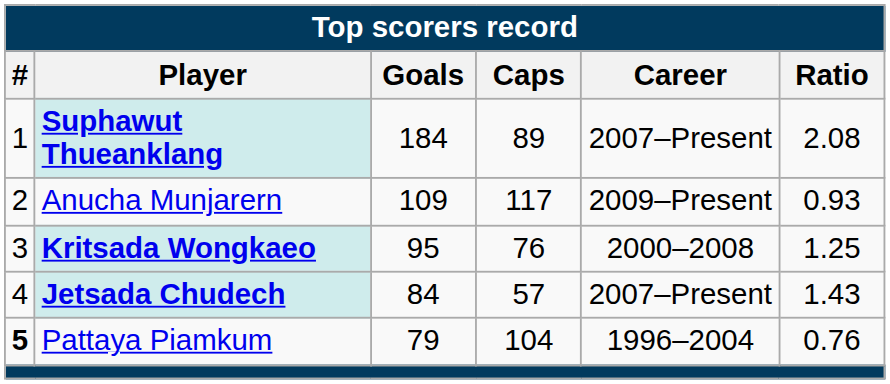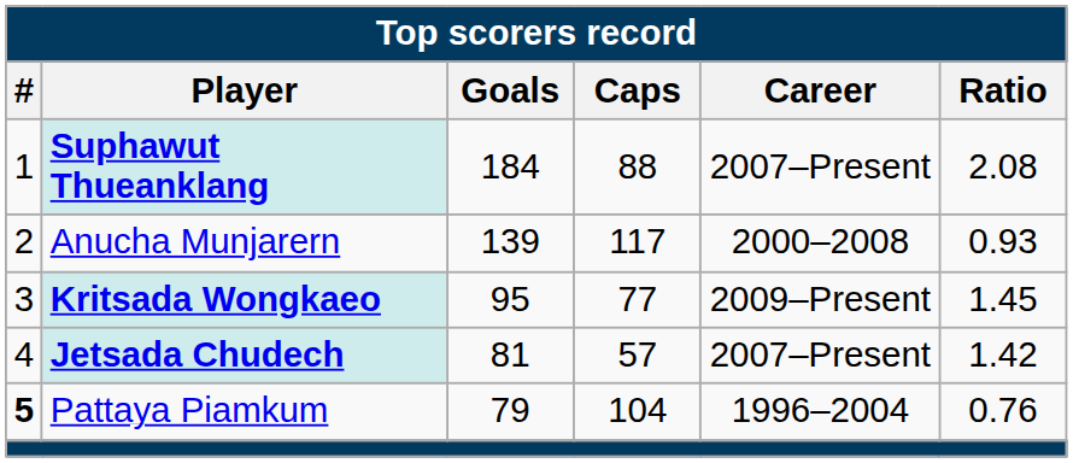 <table class="wikitable" style="text-align: center;">
 <tr>
 <th colspan=6 style="background: #013A5E; color: #FFFFFF;">Top scorers record</th>
 </tr>
 <tr>
 <th>#</th>
 <th width=175px>Player</th>
 <th width=50px>Goals</th>
 <th width=50px>Caps</th>
 <th width=100px>Career</th>
 <th width=50px>Ratio</th>
 </tr>
 <tr>
 <td>1</td>
 <td style="text-align: left; background: #CFECEC;"><strong><a href='#'>Suphawut Thueanklang</a></strong></td>
 <td>184</td>
-<td>89</td>
+<td>88</td>
 <td>2007–Present</td>
 <td>2.08</td>
 </tr>
 <tr>
 <td>2</td>
 <td style="text-align: left;"><a href='#'>Anucha Munjarern</a></td>
-<td>109</td>
+<td>139</td>
 <td>117</td>
-<td>2009–Present</td>
+<td>2000–2008</td>
 <td>0.93</td>
 </tr>
 <tr>
 <td>3</td>
 <td style="text-align: left; background: #CFECEC;"><strong><a href='#'>Kritsada Wongkaeo</a></strong></td>
 <td>95</td>
-<td>76</td>
-<td>2000–2008</td>
-<td>1.25</td>
+<td>77</td>
+<td>2009–Present</td>
+<td>1.45</td>
 </tr>
 <tr>
 <td>4</td>
 <td style="text-align: left; background: #CFECEC;"><strong><a href='#'>Jetsada Chudech</a></strong></td>
-<td>84</td>
+<td>81</td>
 <td>57</td>
 <td>2007–Present</td>
-<td>1.43</td>
+<td>1.42</td>
 </tr>
 <tr>
 <td><strong>5</strong></td>
 <td style="text-align: left;"><a href='#'>Pattaya Piamkum</a></td>
 <td>79</td>
 <td>104</td>
 <td>1996–2004</td>
 <td>0.76</td>
 </tr>
 <tr>
 <th colspan=6 style="background: #013A5E; color: #FFFFFF;"></th>
 </tr>
 </table>
